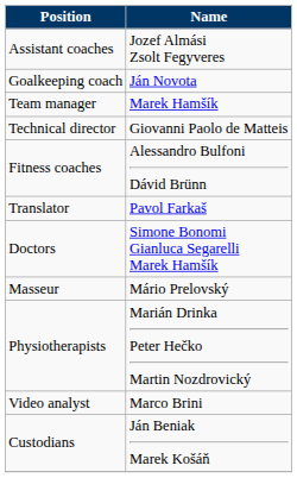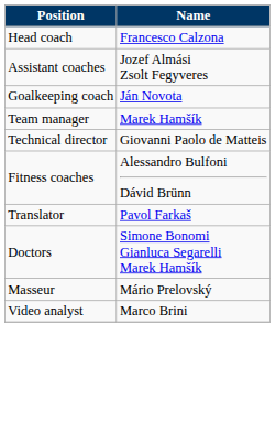 <table class="wikitable">
 <tr>
 <th style="background:#003665; color:white; ">Position</th>
 <th style="background:#003665; color:white; ">Name</th>
+</tr>
+<tr>
+<td>Head coach</td>
+<td> <a href='#'>Francesco Calzona</a></td>
 </tr>
 <tr>
 <td>Assistant coaches</td>
 <td> Jozef Almási<br> Zsolt Fegyveres</td>
 </tr>
 <tr>
 <td>Goalkeeping coach</td>
 <td> <a href='#'>Ján Novota</a></td>
 </tr>
 <tr>
 <td>Team manager</td>
 <td> <a href='#'>Marek Hamšík</a></td>
 </tr>
 <tr>
 <td>Technical director</td>
 <td> Giovanni Paolo de Matteis</td>
 </tr>
 <tr>
 <td>Fitness coaches</td>
 <td> Alessandro Bulfoni<hr> Dávid Brünn</td>
 </tr>
 <tr>
 <td>Translator</td>
 <td> <a href='#'>Pavol Farkaš</a></td>
 </tr>
 <tr>
 <td>Doctors</td>
 <td> <a href='#'>Simone Bonomi</a><br> <a href='#'>Gianluca Segarelli</a><br> <a href='#'>Marek Hamšík</a></td>
 </tr>
 <tr>
 <td>Masseur</td>
 <td> Mário Prelovský</td>
 </tr>
 <tr>
-<td>Physiotherapists</td>
-<td> Marián Drinka<hr> Peter Hečko<hr> Martin Nozdrovický</td>
-</tr>
-<tr>
 <td>Video analyst</td>
 <td> Marco Brini</td>
 </tr>
 <tr>
-<td>Custodians</td>
-<td> Ján Beniak<hr> Marek Košáň</td>
-</tr>
-<tr>
 </tr>
 </table>
